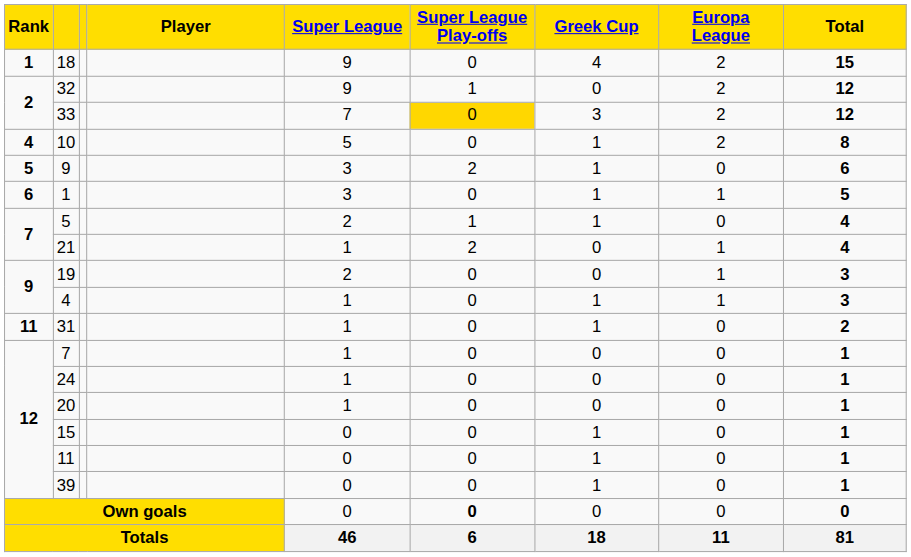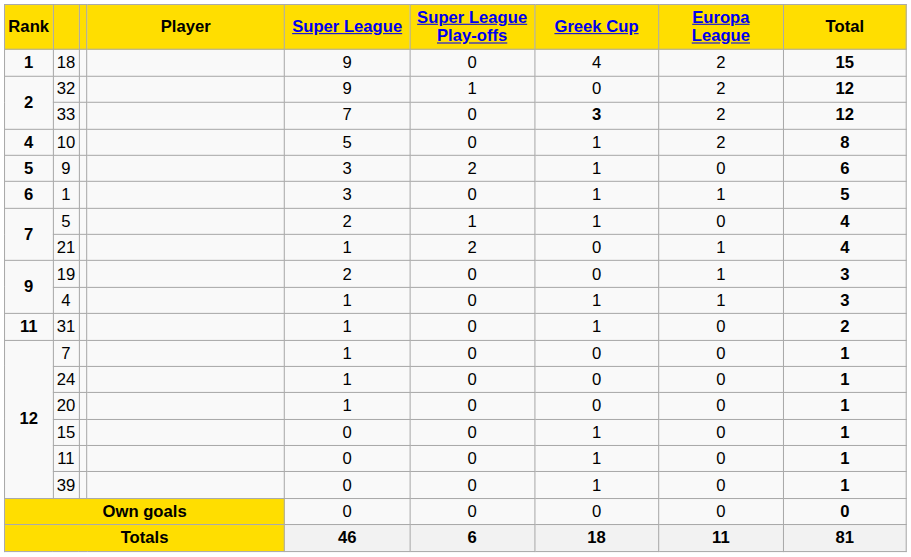 <table class="wikitable sortable" style="text-align: center">
 <tr>
 <th style="background:#FFDE00">Rank</th>
 <th style="background:#FFDE00"></th>
 <th style="background:#FFDE00"></th>
 <th width=200 style="background:#FFDE00">Player</th>
 <th width=120 style="background:#FFDE00"><a href='#'>Super League</a></th>
 <th width=120 style="background:#FFDE00"><a href='#'>Super League Play-offs</a></th>
 <th width=120 style="background:#FFDE00"><a href='#'>Greek Cup</a></th>
 <th width=120 style="background:#FFDE00"><a href='#'>Europa League</a></th>
 <th width=120 style="background:#FFDE00">Total</th>
 </tr>
 <tr>
 <td><strong>1</strong></td>
 <td>18</td>
 <td></td>
 <td align=left></td>
 <td>9</td>
 <td>0</td>
 <td>4</td>
 <td>2</td>
 <td><strong>15</strong></td>
 </tr>
 <tr>
 <td rowspan=2><strong>2</strong></td>
 <td>32</td>
 <td></td>
 <td align=left></td>
 <td>9</td>
 <td>1</td>
 <td>0</td>
 <td>2</td>
 <td><strong>12</strong></td>
 </tr>
 <tr>
 <td>33</td>
 <td></td>
 <td align=left></td>
 <td>7</td>
-<td style="background: gold;">0</td>
-<td>3</td>
+<td>0</td>
+<td><strong>3</strong></td>
 <td>2</td>
 <td><strong>12</strong></td>
 </tr>
 <tr>
 <td><strong>4</strong></td>
 <td>10</td>
 <td></td>
 <td align=left></td>
 <td>5</td>
 <td>0</td>
 <td>1</td>
 <td>2</td>
 <td><strong>8</strong></td>
 </tr>
 <tr>
 <td><strong>5</strong></td>
 <td>9</td>
 <td></td>
 <td align=left></td>
 <td>3</td>
 <td>2</td>
 <td>1</td>
 <td>0</td>
 <td><strong>6</strong></td>
 </tr>
 <tr>
 <td><strong>6</strong></td>
 <td>1</td>
 <td></td>
 <td align=left></td>
 <td>3</td>
 <td>0</td>
 <td>1</td>
 <td>1</td>
 <td><strong>5</strong></td>
 </tr>
 <tr>
 <td rowspan=2><strong>7</strong></td>
 <td>5</td>
 <td></td>
 <td align=left></td>
 <td>2</td>
 <td>1</td>
 <td>1</td>
 <td>0</td>
 <td><strong>4</strong></td>
 </tr>
 <tr>
 <td>21</td>
 <td></td>
 <td align=left></td>
 <td>1</td>
 <td>2</td>
 <td>0</td>
 <td>1</td>
 <td><strong>4</strong></td>
 </tr>
 <tr>
 <td rowspan=2><strong>9</strong></td>
 <td>19</td>
 <td></td>
 <td align=left></td>
 <td>2</td>
 <td>0</td>
 <td>0</td>
 <td>1</td>
 <td><strong>3</strong></td>
 </tr>
 <tr>
 <td>4</td>
 <td></td>
 <td align=left></td>
 <td>1</td>
 <td>0</td>
 <td>1</td>
 <td>1</td>
 <td><strong>3</strong></td>
 </tr>
 <tr>
 <td><strong>11</strong></td>
 <td>31</td>
 <td></td>
 <td align=left></td>
 <td>1</td>
 <td>0</td>
 <td>1</td>
 <td>0</td>
 <td><strong>2</strong></td>
 </tr>
 <tr>
 <td rowspan=6><strong>12</strong></td>
 <td>7</td>
 <td></td>
 <td align=left></td>
 <td>1</td>
 <td>0</td>
 <td>0</td>
 <td>0</td>
 <td><strong>1</strong></td>
 </tr>
 <tr>
 <td>24</td>
 <td></td>
 <td align=left></td>
 <td>1</td>
 <td>0</td>
 <td>0</td>
 <td>0</td>
 <td><strong>1</strong></td>
 </tr>
 <tr>
 <td>20</td>
 <td></td>
 <td align=left></td>
 <td>1</td>
 <td>0</td>
 <td>0</td>
 <td>0</td>
 <td><strong>1</strong></td>
 </tr>
 <tr>
 <td>15</td>
 <td></td>
 <td align=left></td>
 <td>0</td>
 <td>0</td>
 <td>1</td>
 <td>0</td>
 <td><strong>1</strong></td>
 </tr>
 <tr>
 <td>11</td>
 <td></td>
 <td align=left></td>
 <td>0</td>
 <td>0</td>
 <td>1</td>
 <td>0</td>
 <td><strong>1</strong></td>
 </tr>
 <tr>
 <td>39</td>
 <td></td>
 <td align=left></td>
 <td>0</td>
 <td>0</td>
 <td>1</td>
 <td>0</td>
 <td><strong>1</strong></td>
 </tr>
 <tr class="sortbottom">
 <td colspan=4 style="background:#FFDE00"><strong>Own goals</strong></td>
 <td>0</td>
-<td><strong>0</strong></td>
+<td>0</td>
 <td>0</td>
 <td>0</td>
 <td><strong>0</strong></td>
 </tr>
 <tr class="sortbottom">
 <th colspan=4 style="background:#FFDE00"><strong>Totals</strong></th>
 <th><strong>46</strong></th>
 <th><strong> 6</strong></th>
 <th><strong>18</strong></th>
 <th><strong>11</strong></th>
 <th><strong>81</strong></th>
 </tr>
 </table>
